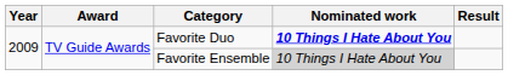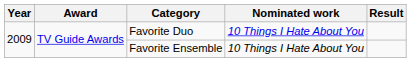 <table class="wikitable">
 <tr>
 <th>Year</th>
 <th>Award</th>
 <th>Category</th>
 <th>Nominated work</th>
 <th>Result</th>
 </tr>
 <tr>
 <td rowspan="2">2009</td>
 <td rowspan="2" style="white-space:nowrap;"><a href='#'>TV Guide Awards</a></td>
 <td>Favorite Duo </td>
-<td style="white-space:nowrap;"><strong><em><a href='#'>10 Things I Hate About You</a></em></strong></td>
+<td style="white-space:nowrap;"><em><a href='#'>10 Things I Hate About You</a></em></td>
 <td></td>
 </tr>
 <tr>
 <td>Favorite Ensemble<br></td>
-<td style="background: lightgrey;"><em>10 Things I Hate About You</em></td>
+<td><em>10 Things I Hate About You</em></td>
 <td></td>
 </tr>
 </table>
